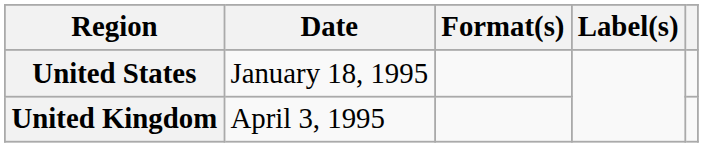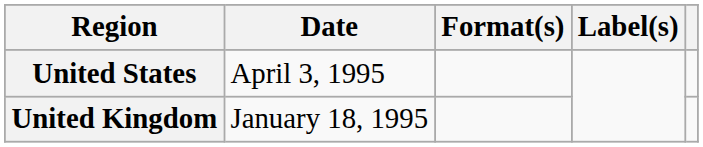 <table class="wikitable plainrowheaders">
 <tr>
 <th scope="col">Region</th>
 <th scope="col">Date</th>
 <th scope="col">Format(s)</th>
 <th scope="col">Label(s)</th>
 <th scope="col"></th>
 </tr>
 <tr>
 <th scope="row">United States</th>
-<td>January 18, 1995</td>
+<td>April 3, 1995</td>
 <td></td>
 <td rowspan="2"></td>
 <td></td>
 </tr>
 <tr>
 <th scope="row">United Kingdom</th>
-<td>April 3, 1995</td>
+<td>January 18, 1995</td>
 <td></td>
 <td></td>
 </tr>
 </table>
